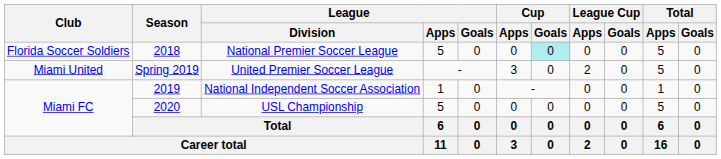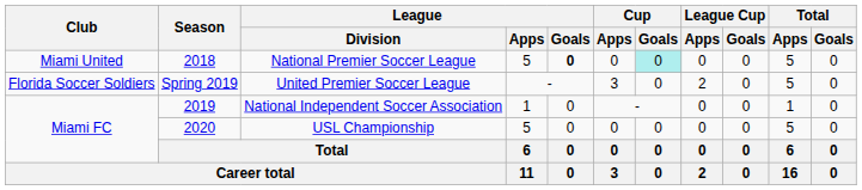 <table class="wikitable" style="text-align: center;">
 <tr>
 <th rowspan="2">Club</th>
 <th rowspan="2">Season</th>
 <th colspan="3">League</th>
 <th colspan="2">Cup</th>
 <th colspan="2">League Cup</th>
 <th colspan="2">Total</th>
 </tr>
 <tr>
 <th>Division</th>
 <th>Apps</th>
 <th>Goals</th>
 <th>Apps</th>
 <th>Goals</th>
 <th>Apps</th>
 <th>Goals</th>
 <th>Apps</th>
 <th>Goals</th>
 </tr>
 <tr>
-<td><a href='#'>Florida Soccer Soldiers</a></td>
+<td><a href='#'>Miami United</a></td>
 <td><a href='#'>2018</a></td>
 <td Rowspan="1"><a href='#'>National Premier Soccer League</a></td>
 <td>5</td>
-<td>0</td>
+<td><strong>0</strong></td>
 <td>0</td>
 <td style="background: paleturquoise;">0</td>
 <td>0</td>
 <td>0</td>
 <td>5</td>
 <td>0</td>
 </tr>
 <tr>
-<td><a href='#'>Miami United</a></td>
+<td><a href='#'>Florida Soccer Soldiers</a></td>
 <td><a href='#'>Spring 2019</a></td>
 <td Rowspan="1"><a href='#'>United Premier Soccer League</a></td>
 <td Colspan="2">-</td>
 <td>3</td>
 <td>0</td>
 <td>2</td>
 <td>0</td>
 <td>5</td>
 <td>0</td>
 </tr>
 <tr>
 <td rowspan="3" valign="center"><a href='#'>Miami FC</a></td>
 <td><a href='#'>2019</a></td>
 <td Rowspan="1"><a href='#'>National Independent Soccer Association</a></td>
 <td>1</td>
 <td>0</td>
 <td Colspan="2">-</td>
 <td>0</td>
 <td>0</td>
 <td>1</td>
 <td>0</td>
 </tr>
 <tr>
 <td><a href='#'>2020</a></td>
 <td Rowspan="1"><a href='#'>USL Championship</a></td>
 <td>5</td>
 <td>0</td>
 <td>0</td>
 <td>0</td>
 <td>0</td>
 <td>0</td>
 <td>5</td>
 <td>0</td>
 </tr>
 <tr>
 <th colspan="2">Total</th>
 <th>6</th>
 <th>0</th>
 <th>0</th>
 <th>0</th>
 <th>0</th>
 <th>0</th>
 <th>6</th>
 <th>0</th>
 </tr>
 <tr>
 <th colspan="3">Career total</th>
 <th>11</th>
 <th>0</th>
 <th>3</th>
 <th>0</th>
 <th>2</th>
 <th>0</th>
 <th>16</th>
 <th>0</th>
 </tr>
 </table>
